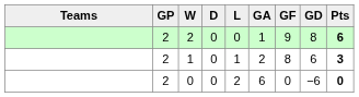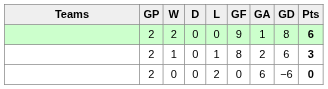 <table style=border-collapse:collapse border=1 cellspacing=0 cellpadding=5>
 <tr align=center bgcolor=#efefef>
 <th width=185>Teams</th>
 <th width=20>GP</th>
 <th width=20>W</th>
 <th width=20>D</th>
 <th width=20>L</th>
+<th width=20>GF</th>
 <th width=20>GA</th>
-<th width=20>GF</th>
 <th width=20>GD</th>
 <th width=20>Pts</th>
 </tr>
 <tr align=center style="background:#ccffcc;">
 <td style="text-align:left;"></td>
 <td>2</td>
 <td>2</td>
 <td>0</td>
 <td>0</td>
+<td>9</td>
 <td>1</td>
-<td>9</td>
 <td>8</td>
 <td><strong>6</strong></td>
 </tr>
 <tr align=center>
 <td style="text-align:left;"></td>
 <td>2</td>
 <td>1</td>
 <td>0</td>
 <td>1</td>
+<td>8</td>
 <td>2</td>
-<td>8</td>
 <td>6</td>
 <td><strong>3</strong></td>
 </tr>
 <tr align=center>
 <td style="text-align:left;"></td>
 <td>2</td>
 <td>0</td>
 <td>0</td>
 <td>2</td>
+<td>0</td>
 <td>6</td>
-<td>0</td>
 <td>−6</td>
 <td><strong>0</strong></td>
 </tr>
 </table>
